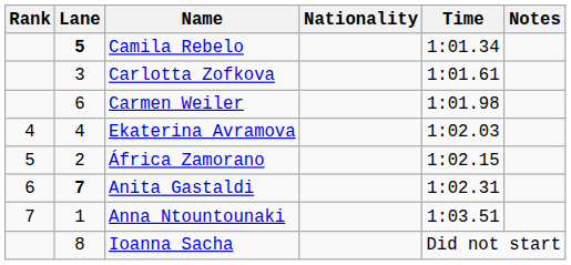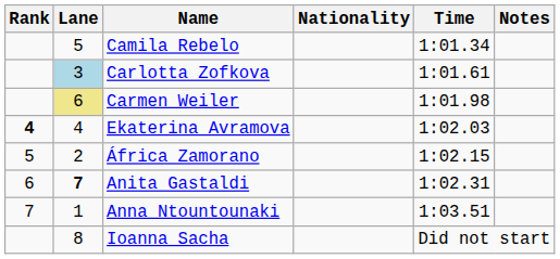 <table class="wikitable sortable" style="text-align:center">
 <tr>
 <th>Rank</th>
 <th>Lane</th>
 <th>Name</th>
 <th>Nationality</th>
 <th>Time</th>
 <th>Notes</th>
 </tr>
 <tr>
 <td></td>
-<td><strong>5</strong></td>
+<td>5</td>
 <td align=left><a href='#'>Camila Rebelo</a></td>
 <td align=left></td>
 <td>1:01.34</td>
 <td></td>
 </tr>
 <tr>
 <td></td>
-<td>3</td>
+<td style="background: lightblue;">3</td>
 <td align=left><a href='#'>Carlotta Zofkova</a></td>
 <td align=left></td>
 <td>1:01.61</td>
 <td></td>
 </tr>
 <tr>
 <td></td>
-<td>6</td>
+<td style="background: khaki;">6</td>
 <td align=left><a href='#'>Carmen Weiler</a></td>
 <td align=left></td>
 <td>1:01.98</td>
 <td></td>
 </tr>
 <tr>
-<td>4</td>
+<td><strong>4</strong></td>
 <td>4</td>
 <td align=left><a href='#'>Ekaterina Avramova</a></td>
 <td align=left></td>
 <td>1:02.03</td>
 <td></td>
 </tr>
 <tr>
 <td>5</td>
 <td>2</td>
 <td align=left><a href='#'>África Zamorano</a></td>
 <td align=left></td>
 <td>1:02.15</td>
 <td></td>
 </tr>
 <tr>
 <td>6</td>
 <td><strong>7</strong></td>
 <td align=left><a href='#'>Anita Gastaldi</a></td>
 <td align=left></td>
 <td>1:02.31</td>
 <td></td>
 </tr>
 <tr>
 <td>7</td>
 <td>1</td>
 <td align=left><a href='#'>Anna Ntountounaki</a></td>
 <td align=left></td>
 <td>1:03.51</td>
 <td></td>
 </tr>
 <tr>
 <td></td>
 <td>8</td>
 <td align=left><a href='#'>Ioanna Sacha</a></td>
 <td align=left></td>
 <td colspan=2>Did not start</td>
 </tr>
 </table>
